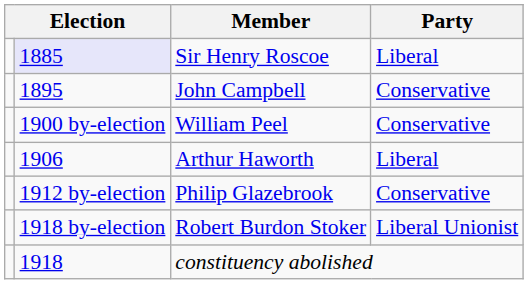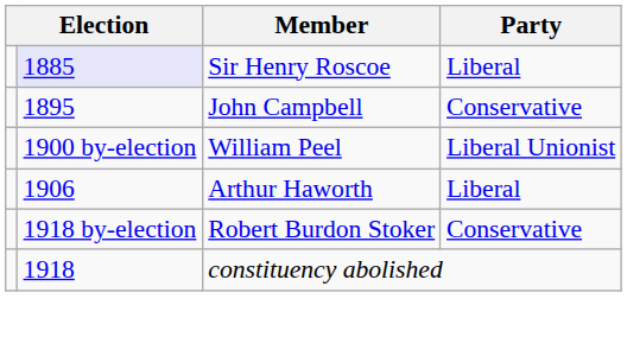 <table class="wikitable">
 <tr>
 <th colspan="2">Election</th>
 <th>Member</th>
 <th>Party</th>
 </tr>
 <tr>
 <td style="color:inherit;background-color: "></td>
 <td style="background: lavender;"><a href='#'>1885</a></td>
 <td><a href='#'>Sir Henry Roscoe</a></td>
 <td><a href='#'>Liberal</a></td>
 </tr>
 <tr>
 <td style="color:inherit;background-color: "></td>
 <td><a href='#'>1895</a></td>
 <td><a href='#'>John Campbell</a></td>
 <td><a href='#'>Conservative</a></td>
 </tr>
 <tr>
 <td style="color:inherit;background-color: "></td>
 <td><a href='#'>1900 by-election</a></td>
 <td><a href='#'>William Peel</a></td>
-<td><a href='#'>Conservative</a></td>
+<td><a href='#'>Liberal Unionist</a></td>
 </tr>
 <tr>
 <td style="color:inherit;background-color: "></td>
 <td><a href='#'>1906</a></td>
 <td><a href='#'>Arthur Haworth</a></td>
 <td><a href='#'>Liberal</a></td>
 </tr>
 <tr>
 <td style="color:inherit;background-color: "></td>
-<td><a href='#'>1912 by-election</a></td>
-<td><a href='#'>Philip Glazebrook</a></td>
-<td><a href='#'>Conservative</a></td>
-</tr>
-<tr>
-<td style="color:inherit;background-color: "></td>
 <td><a href='#'>1918 by-election</a></td>
 <td><a href='#'>Robert Burdon Stoker</a></td>
-<td><a href='#'>Liberal Unionist</a></td>
+<td><a href='#'>Conservative</a></td>
 </tr>
 <tr>
 <td></td>
 <td><a href='#'>1918</a></td>
 <td colspan="2"><em>constituency abolished</em></td>
 </tr>
 </table>
